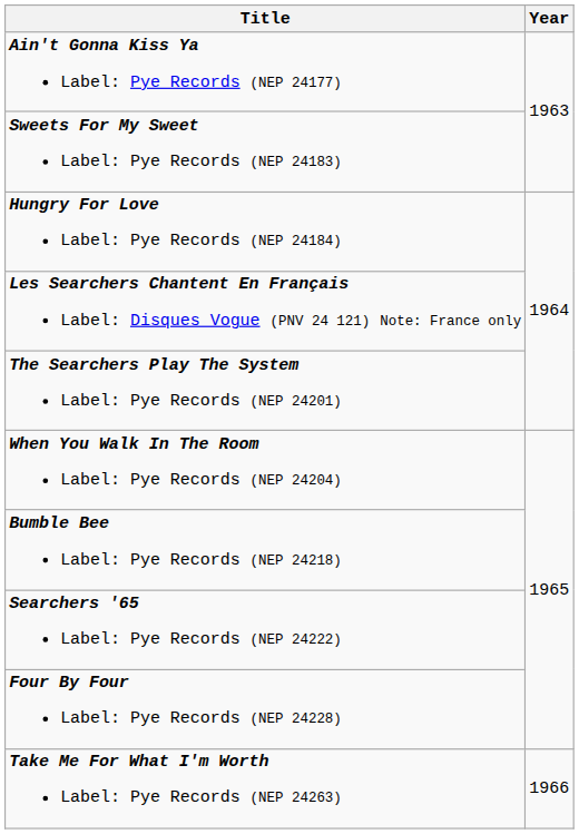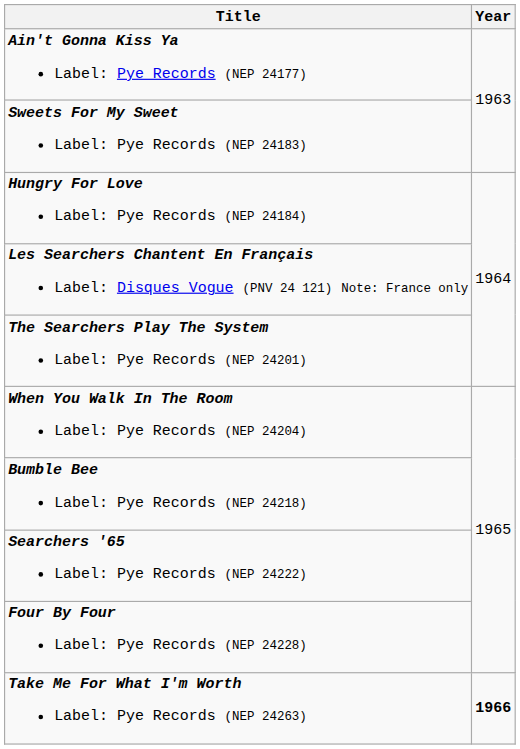 <table class="wikitable">
 <tr>
 <th>Title</th>
 <th>Year</th>
 </tr>
 <tr>
 <td><strong><em>Ain't Gonna Kiss Ya</em></strong><br><ul><li>Label: <a href='#'>Pye Records</a> <small>(NEP 24177)</small></li></ul></td>
 <td rowspan="2">1963</td>
 </tr>
 <tr>
 <td><strong><em>Sweets For My Sweet</em></strong><br><ul><li>Label: Pye Records <small>(NEP 24183)</small></li></ul></td>
 </tr>
 <tr>
 <td><strong><em>Hungry For Love</em></strong><br><ul><li>Label: Pye Records <small>(NEP 24184)</small></li></ul></td>
 <td rowspan="3">1964</td>
 </tr>
 <tr>
 <td><strong><em>Les Searchers Chantent En Français</em></strong><br><ul><li>Label: <a href='#'>Disques Vogue</a> <small>(PNV 24 121)</small> <small>Note: France only</small></li></ul></td>
 </tr>
 <tr>
 <td><strong><em>The Searchers Play The System</em></strong><br><ul><li>Label: Pye Records <small>(NEP 24201)</small></li></ul></td>
 </tr>
 <tr>
 <td><strong><em>When You Walk In The Room</em></strong><br><ul><li>Label: Pye Records <small>(NEP 24204)</small></li></ul></td>
 <td rowspan="4">1965</td>
 </tr>
 <tr>
 <td><strong><em>Bumble Bee</em></strong><br><ul><li>Label: Pye Records <small>(NEP 24218)</small></li></ul></td>
 </tr>
 <tr>
 <td><strong><em>Searchers '65</em></strong><br><ul><li>Label: Pye Records <small>(NEP 24222)</small></li></ul></td>
 </tr>
 <tr>
 <td><strong><em>Four By Four</em></strong><br><ul><li>Label: Pye Records <small>(NEP 24228)</small></li></ul></td>
 </tr>
 <tr>
 <td><strong><em>Take Me For What I'm Worth</em></strong><br><ul><li>Label: Pye Records <small>(NEP 24263)</small></li></ul></td>
-<td>1966</td>
+<td><strong>1966</strong></td>
 </tr>
 </table>
